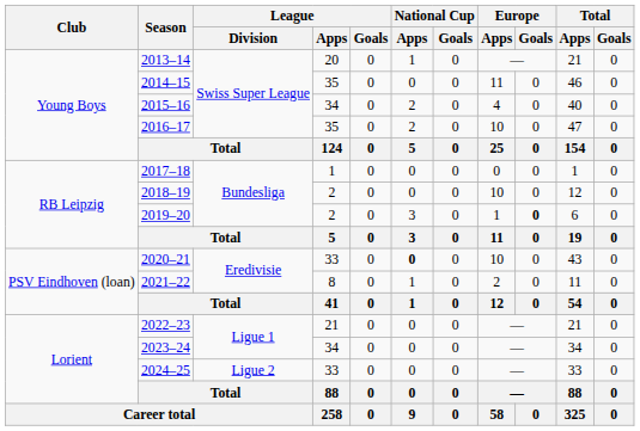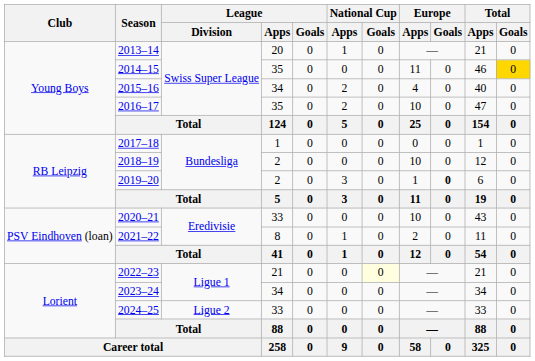 <table class="wikitable" style="text-align: center">
 <tr>
 <th rowspan="2">Club</th>
 <th rowspan="2">Season</th>
 <th colspan="3">League</th>
 <th colspan="2">National Cup</th>
 <th colspan="2">Europe</th>
 <th colspan="2">Total</th>
 </tr>
 <tr>
 <th>Division</th>
 <th>Apps</th>
 <th>Goals</th>
 <th>Apps</th>
 <th>Goals</th>
 <th>Apps</th>
 <th>Goals</th>
 <th>Apps</th>
 <th>Goals</th>
 </tr>
 <tr>
 <td rowspan="5"><a href='#'>Young Boys</a></td>
 <td><a href='#'>2013–14</a></td>
 <td rowspan="4"><a href='#'>Swiss Super League</a></td>
 <td>20</td>
 <td>0</td>
 <td>1</td>
 <td>0</td>
 <td colspan="2">—</td>
 <td>21</td>
 <td>0</td>
 </tr>
 <tr>
 <td><a href='#'>2014–15</a></td>
 <td>35</td>
 <td>0</td>
 <td>0</td>
 <td>0</td>
 <td>11</td>
 <td>0</td>
 <td>46</td>
-<td>0</td>
+<td style="background: gold;">0</td>
 </tr>
 <tr>
 <td><a href='#'>2015–16</a></td>
 <td>34</td>
 <td>0</td>
 <td>2</td>
 <td>0</td>
 <td>4</td>
 <td>0</td>
 <td>40</td>
 <td>0</td>
 </tr>
 <tr>
 <td><a href='#'>2016–17</a></td>
 <td>35</td>
 <td>0</td>
 <td>2</td>
 <td>0</td>
 <td>10</td>
 <td>0</td>
 <td>47</td>
 <td>0</td>
 </tr>
 <tr>
 <th colspan="2">Total</th>
 <th>124</th>
 <th>0</th>
 <th>5</th>
 <th>0</th>
 <th>25</th>
 <th>0</th>
 <th>154</th>
 <th>0</th>
 </tr>
 <tr>
 <td rowspan="4"><a href='#'>RB Leipzig</a></td>
 <td><a href='#'>2017–18</a></td>
 <td rowspan="3"><a href='#'>Bundesliga</a></td>
 <td>1</td>
 <td>0</td>
 <td>0</td>
 <td>0</td>
 <td>0</td>
 <td>0</td>
 <td>1</td>
 <td>0</td>
 </tr>
 <tr>
 <td><a href='#'>2018–19</a></td>
 <td>2</td>
 <td>0</td>
 <td>0</td>
 <td>0</td>
 <td>10</td>
 <td>0</td>
 <td>12</td>
 <td>0</td>
 </tr>
 <tr>
 <td><a href='#'>2019–20</a></td>
 <td>2</td>
 <td>0</td>
 <td>3</td>
 <td>0</td>
 <td>1</td>
 <td><strong>0</strong></td>
 <td>6</td>
 <td>0</td>
 </tr>
 <tr>
 <th colspan="2">Total</th>
 <th>5</th>
 <th>0</th>
 <th>3</th>
 <th>0</th>
 <th>11</th>
 <th>0</th>
 <th>19</th>
 <th>0</th>
 </tr>
 <tr>
 <td rowspan="3"><a href='#'>PSV Eindhoven</a> (loan)</td>
 <td><a href='#'>2020–21</a></td>
 <td rowspan="2"><a href='#'>Eredivisie</a></td>
 <td>33</td>
 <td>0</td>
-<td><strong>0</strong></td>
+<td>0</td>
 <td>0</td>
 <td>10</td>
 <td>0</td>
 <td>43</td>
 <td>0</td>
 </tr>
 <tr>
 <td><a href='#'>2021–22</a></td>
 <td>8</td>
 <td>0</td>
 <td>1</td>
 <td>0</td>
 <td>2</td>
 <td>0</td>
 <td>11</td>
 <td>0</td>
 </tr>
 <tr>
 <th colspan="2">Total</th>
 <th>41</th>
 <th>0</th>
 <th>1</th>
 <th>0</th>
 <th>12</th>
 <th>0</th>
 <th>54</th>
 <th>0</th>
 </tr>
 <tr>
 <td rowspan="4"><a href='#'>Lorient</a></td>
 <td><a href='#'>2022–23</a></td>
 <td rowspan="2"><a href='#'>Ligue 1</a></td>
 <td>21</td>
 <td>0</td>
 <td>0</td>
-<td>0</td>
+<td style="background: lightyellow;">0</td>
 <td colspan="2">—</td>
 <td>21</td>
 <td>0</td>
 </tr>
 <tr>
 <td><a href='#'>2023–24</a></td>
 <td>34</td>
 <td>0</td>
 <td>0</td>
 <td>0</td>
 <td colspan="2">—</td>
 <td>34</td>
 <td>0</td>
 </tr>
 <tr>
 <td><a href='#'>2024–25</a></td>
 <td><a href='#'>Ligue 2</a></td>
 <td>33</td>
 <td>0</td>
 <td>0</td>
 <td>0</td>
 <td colspan="2">—</td>
 <td>33</td>
 <td>0</td>
 </tr>
 <tr>
 <th colspan="2">Total</th>
 <th>88</th>
 <th>0</th>
 <th>0</th>
 <th>0</th>
 <th colspan="2">—</th>
 <th>88</th>
 <th>0</th>
 </tr>
 <tr>
 <th colspan="3">Career total</th>
 <th>258</th>
 <th>0</th>
 <th>9</th>
 <th>0</th>
 <th>58</th>
 <th>0</th>
 <th>325</th>
 <th>0</th>
 </tr>
 </table>
